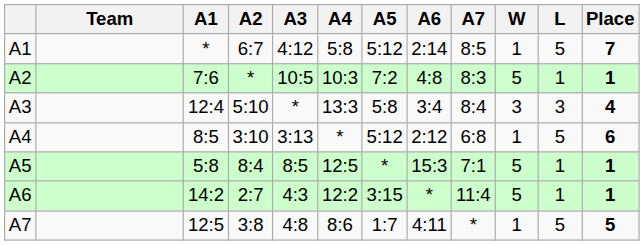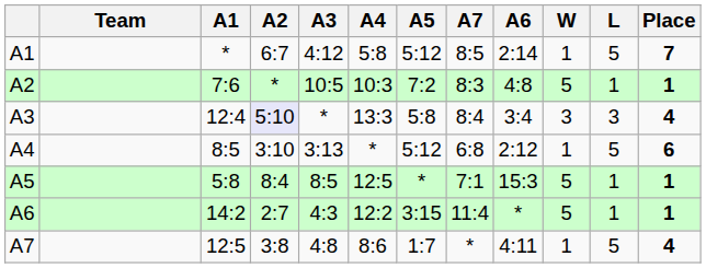 <table class="wikitable" style="text-align:center;">
 <tr>
 <th></th>
 <th width="120">Team</th>
 <th width="25">A1</th>
 <th width="25">A2</th>
 <th width="25">A3</th>
 <th width="25">A4</th>
 <th width="25">A5</th>
+<th width="25">A7</th>
 <th width="25">A6</th>
-<th width="25">A7</th>
 <th width="30">W</th>
 <th width="30">L</th>
 <th>Place</th>
 </tr>
 <tr>
 <td>A1</td>
 <td align="left"></td>
 <td>*</td>
 <td>6:7</td>
 <td>4:12</td>
 <td>5:8</td>
 <td>5:12</td>
+<td>8:5</td>
 <td>2:14</td>
-<td>8:5</td>
 <td>1</td>
 <td>5</td>
 <td><strong>7</strong></td>
 </tr>
 <tr bgcolor="#ccffcc">
 <td>A2</td>
 <td align="left"></td>
 <td>7:6</td>
 <td>*</td>
 <td>10:5</td>
 <td>10:3</td>
 <td>7:2</td>
+<td>8:3</td>
 <td>4:8</td>
-<td>8:3</td>
 <td>5</td>
 <td>1</td>
 <td><strong>1</strong></td>
 </tr>
 <tr>
 <td>A3</td>
 <td align="left"></td>
 <td>12:4</td>
-<td>5:10</td>
+<td style="background: lavender;">5:10</td>
 <td>*</td>
 <td>13:3</td>
 <td>5:8</td>
+<td>8:4</td>
 <td>3:4</td>
-<td>8:4</td>
 <td>3</td>
 <td>3</td>
 <td><strong>4</strong></td>
 </tr>
 <tr>
 <td>A4</td>
 <td align="left"></td>
 <td>8:5</td>
 <td>3:10</td>
 <td>3:13</td>
 <td>*</td>
 <td>5:12</td>
+<td>6:8</td>
 <td>2:12</td>
-<td>6:8</td>
 <td>1</td>
 <td>5</td>
 <td><strong>6</strong></td>
 </tr>
 <tr bgcolor="#ccffcc">
 <td>A5</td>
 <td align="left"></td>
 <td>5:8</td>
 <td>8:4</td>
 <td>8:5</td>
 <td>12:5</td>
 <td>*</td>
+<td>7:1</td>
 <td>15:3</td>
-<td>7:1</td>
 <td>5</td>
 <td>1</td>
 <td><strong>1</strong></td>
 </tr>
 <tr bgcolor="#ccffcc">
 <td>A6</td>
 <td align="left"></td>
 <td>14:2</td>
 <td>2:7</td>
 <td>4:3</td>
 <td>12:2</td>
 <td>3:15</td>
+<td>11:4</td>
 <td>*</td>
-<td>11:4</td>
 <td>5</td>
 <td>1</td>
 <td><strong>1</strong></td>
 </tr>
 <tr>
 <td>A7</td>
 <td align="left"></td>
 <td>12:5</td>
 <td>3:8</td>
 <td>4:8</td>
 <td>8:6</td>
 <td>1:7</td>
+<td>*</td>
 <td>4:11</td>
-<td>*</td>
 <td>1</td>
 <td>5</td>
-<td><strong>5</strong></td>
+<td><strong>4</strong></td>
 </tr>
 </table>
